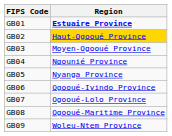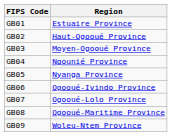 <table class="wikitable">
 <tr>
 <th>FIPS Code</th>
 <th>Region</th>
 </tr>
 <tr>
 <td>GB01</td>
-<td><strong><a href='#'>Estuaire Province</a></strong></td>
+<td><a href='#'>Estuaire Province</a></td>
 </tr>
 <tr>
 <td>GB02</td>
-<td style="background: gold;"><a href='#'>Haut-Ogooué Province</a></td>
+<td><a href='#'>Haut-Ogooué Province</a></td>
 </tr>
 <tr>
 <td>GB03</td>
 <td><a href='#'>Moyen-Ogooué Province</a></td>
 </tr>
 <tr>
 <td>GB04</td>
 <td><a href='#'>Ngounié Province</a></td>
 </tr>
 <tr>
 <td>GB05</td>
 <td><a href='#'>Nyanga Province</a></td>
 </tr>
 <tr>
 <td>GB06</td>
 <td><a href='#'>Ogooué-Ivindo Province</a></td>
 </tr>
 <tr>
 <td>GB07</td>
 <td><a href='#'>Ogooué-Lolo Province</a></td>
 </tr>
 <tr>
 <td>GB08</td>
 <td><a href='#'>Ogooué-Maritime Province</a></td>
 </tr>
 <tr>
 <td>GB09</td>
 <td><a href='#'>Woleu-Ntem Province</a></td>
 </tr>
 </table>
